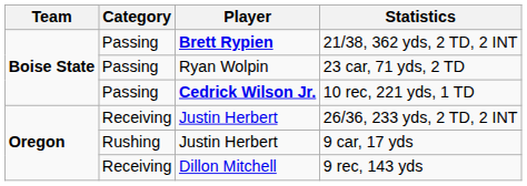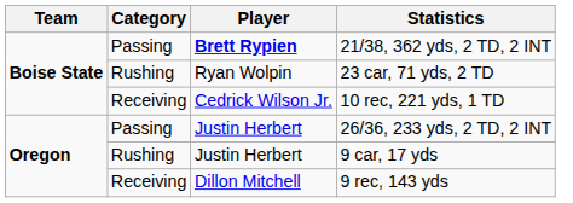 <table class="wikitable">
 <tr>
 <th>Team</th>
 <th>Category</th>
 <th>Player</th>
 <th>Statistics</th>
 </tr>
 <tr>
 <td rowspan=3><strong>Boise State</strong></td>
 <td>Passing</td>
 <td><strong><a href='#'>Brett Rypien</a></strong></td>
 <td>21/38, 362 yds, 2 TD, 2 INT</td>
 </tr>
 <tr>
-<td>Passing</td>
+<td>Rushing</td>
 <td>Ryan Wolpin</td>
 <td>23 car, 71 yds, 2 TD</td>
 </tr>
 <tr>
-<td>Passing</td>
-<td><strong><a href='#'>Cedrick Wilson Jr.</a></strong></td>
+<td>Receiving</td>
+<td><a href='#'>Cedrick Wilson Jr.</a></td>
 <td>10 rec, 221 yds, 1 TD</td>
 </tr>
 <tr>
 <td rowspan=3><strong>Oregon</strong></td>
-<td>Receiving</td>
+<td>Passing</td>
 <td><a href='#'>Justin Herbert</a></td>
 <td>26/36, 233 yds, 2 TD, 2 INT</td>
 </tr>
 <tr>
 <td>Rushing</td>
 <td>Justin Herbert</td>
 <td>9 car, 17 yds</td>
 </tr>
 <tr>
 <td>Receiving</td>
 <td><a href='#'>Dillon Mitchell</a></td>
 <td>9 rec, 143 yds</td>
 </tr>
 </table>
